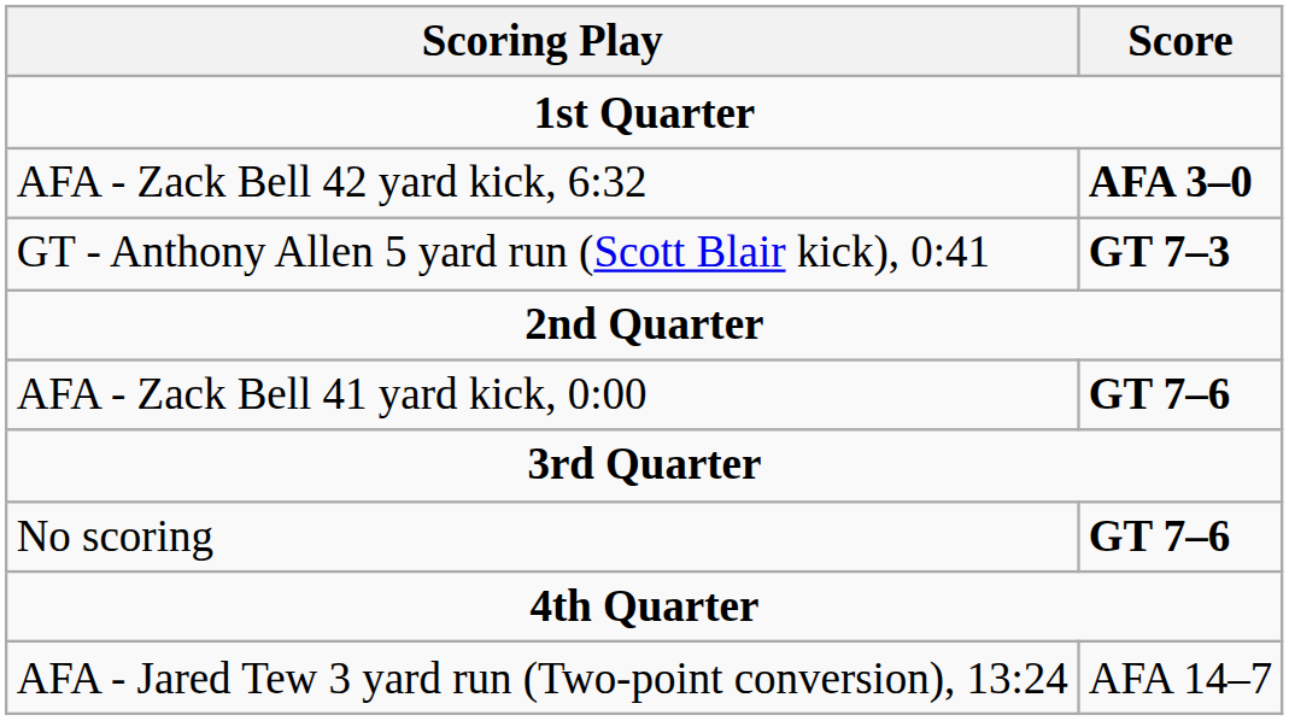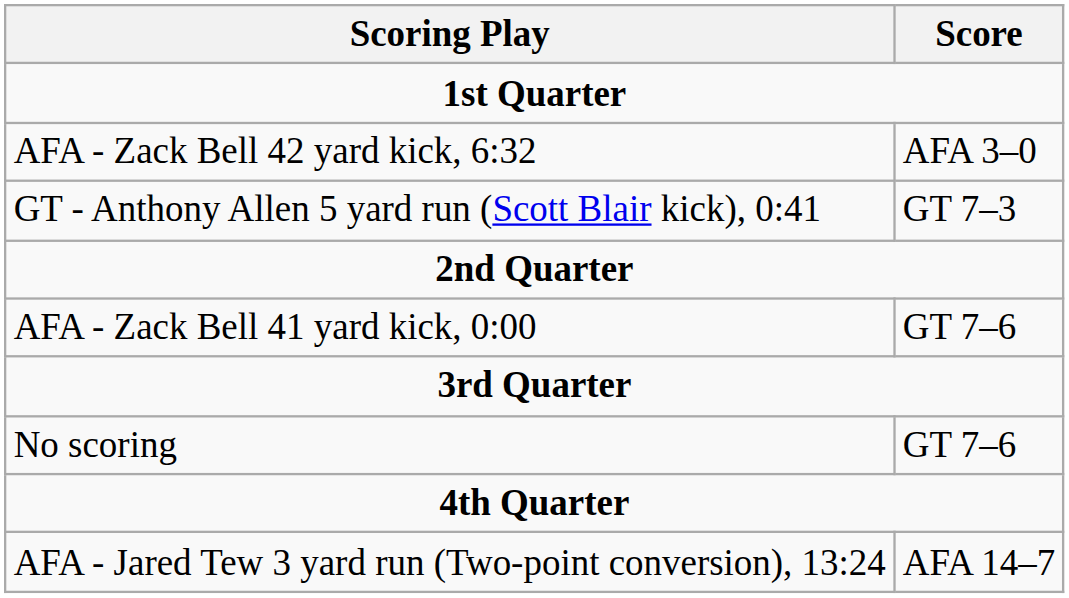 <table class="wikitable">
 <tr>
 <th>Scoring Play</th>
 <th>Score</th>
 </tr>
 <tr>
 <td colspan="4" align="center"><strong>1st Quarter</strong></td>
 </tr>
 <tr>
 <td>AFA - Zack Bell 42 yard kick, 6:32</td>
-<td><strong>AFA 3–0</strong></td>
+<td>AFA 3–0</td>
 </tr>
 <tr>
 <td>GT - Anthony Allen 5 yard run (<a href='#'>Scott Blair</a> kick), 0:41</td>
-<td><strong>GT 7–3</strong></td>
+<td>GT 7–3</td>
 </tr>
 <tr>
 <td colspan="4" align="center"><strong>2nd Quarter</strong></td>
 </tr>
 <tr>
 <td>AFA - Zack Bell 41 yard kick, 0:00</td>
-<td><strong>GT 7–6</strong></td>
+<td>GT 7–6</td>
 </tr>
 <tr>
 <td colspan="4" align="center"><strong>3rd Quarter</strong></td>
 </tr>
 <tr>
 <td>No scoring</td>
-<td><strong>GT 7–6</strong></td>
+<td>GT 7–6</td>
 </tr>
 <tr>
 <td colspan="4" align="center"><strong>4th Quarter</strong></td>
 </tr>
 <tr>
 <td>AFA - Jared Tew 3 yard run (Two-point conversion), 13:24</td>
 <td>AFA 14–7</td>
 </tr>
 </table>
